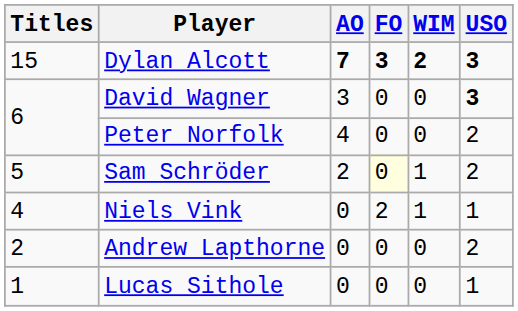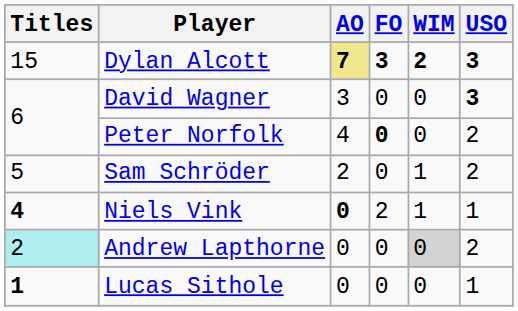 <table class="wikitable sortable">
 <tr>
 <th scope="col">Titles</th>
 <th scope="col">Player</th>
 <th scope="col"><a href='#'>AO</a></th>
 <th scope="col"><a href='#'>FO</a></th>
 <th scope="col"><a href='#'>WIM</a></th>
 <th scope="col"><a href='#'>USO</a></th>
 </tr>
 <tr>
 <td>15</td>
 <td style="text-align:left"> <a href='#'>Dylan Alcott</a></td>
-<td><strong>7</strong></td>
+<td style="background: khaki;"><strong>7</strong></td>
 <td><strong>3</strong></td>
 <td><strong>2</strong></td>
 <td><strong>3</strong></td>
 </tr>
 <tr>
 <td rowspan="2">6</td>
 <td style="text-align:left"> <a href='#'>David Wagner</a></td>
 <td>3</td>
 <td>0</td>
 <td>0</td>
 <td><strong>3</strong></td>
 </tr>
 <tr>
 <td style="text-align:left"> <a href='#'>Peter Norfolk</a></td>
 <td>4</td>
-<td>0</td>
+<td><strong>0</strong></td>
 <td>0</td>
 <td>2</td>
 </tr>
 <tr>
 <td>5</td>
 <td style="text-align:left"> <a href='#'>Sam Schröder</a></td>
 <td>2</td>
-<td style="background: lightyellow;">0</td>
+<td>0</td>
 <td>1</td>
 <td>2</td>
 </tr>
 <tr>
-<td>4</td>
+<td><strong>4</strong></td>
 <td style="text-align:left"> <a href='#'>Niels Vink</a></td>
-<td>0</td>
+<td><strong>0</strong></td>
 <td>2</td>
 <td>1</td>
 <td>1</td>
 </tr>
 <tr>
-<td>2</td>
+<td style="background: paleturquoise;">2</td>
 <td style="text-align:left"> <a href='#'>Andrew Lapthorne</a></td>
 <td>0</td>
 <td>0</td>
-<td>0</td>
+<td style="background: lightgrey;">0</td>
 <td>2</td>
 </tr>
 <tr>
-<td rowspan="1">1</td>
+<td rowspan="1"><strong>1</strong></td>
 <td style="text-align:left"> <a href='#'>Lucas Sithole</a></td>
 <td>0</td>
 <td>0</td>
 <td>0</td>
 <td>1</td>
 </tr>
 </table>
